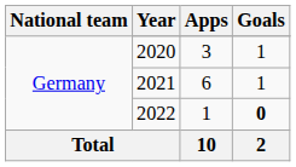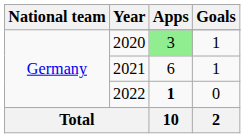 <table class="wikitable" style="text-align:center">
 <tr>
 <th>National team</th>
 <th>Year</th>
 <th>Apps</th>
 <th>Goals</th>
 </tr>
 <tr>
 <td rowspan="4"><a href='#'>Germany</a></td>
 </tr>
 <tr>
 <td>2020</td>
-<td>3</td>
+<td style="background: lightgreen;">3</td>
 <td>1</td>
 </tr>
 <tr>
 <td>2021</td>
 <td>6</td>
 <td>1</td>
 </tr>
 <tr>
 <td>2022</td>
-<td>1</td>
-<td><strong>0</strong></td>
+<td><strong>1</strong></td>
+<td>0</td>
 </tr>
 <tr>
 <th colspan="2">Total</th>
 <th>10</th>
 <th>2</th>
 </tr>
 </table>
